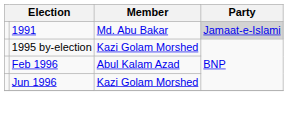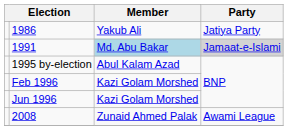 <table class="wikitable">
 <tr>
 <th colspan="2">Election</th>
 <th>Member</th>
 <th>Party</th>
 </tr>
 <tr>
 <td style="background-color:"></td>
+<td><a href='#'>1986</a></td>
+<td><a href='#'>Yakub Ali</a></td>
+<td><a href='#'>Jatiya Party</a></td>
+</tr>
+<tr>
+<td style="background-color:"></td>
 <td><a href='#'>1991</a></td>
-<td><a href='#'>Md. Abu Bakar</a></td>
+<td style="background: lightblue;"><a href='#'>Md. Abu Bakar</a></td>
 <td style="background: lightgrey;"><a href='#'>Jamaat-e-Islami</a></td>
 </tr>
 <tr>
 <td style="background-color:"></td>
 <td>1995 by-election</td>
-<td><a href='#'>Kazi Golam Morshed</a></td>
+<td><a href='#'>Abul Kalam Azad</a></td>
 <td rowspan="3"><a href='#'>BNP</a></td>
 </tr>
 <tr>
 <td style="background-color:"></td>
 <td><a href='#'>Feb 1996</a></td>
-<td><a href='#'>Abul Kalam Azad</a></td>
+<td><a href='#'>Kazi Golam Morshed</a></td>
 </tr>
 <tr>
 <td style="background-color:"></td>
 <td><a href='#'>Jun 1996</a></td>
 <td><a href='#'>Kazi Golam Morshed</a></td>
 </tr>
 <tr>
+<td style="background-color:"></td>
+<td><a href='#'>2008</a></td>
+<td><a href='#'>Zunaid Ahmed Palak</a></td>
+<td><a href='#'>Awami League</a></td>
+</tr>
+<tr>
 </tr>
 </table>
